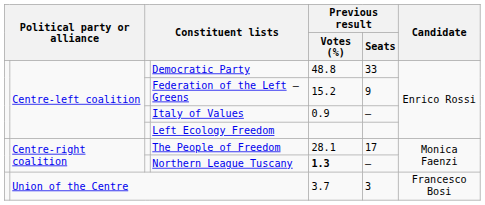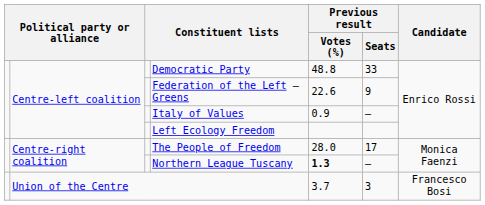 <table class="wikitable" style="text-align:left">
 <tr>
 <th colspan=2 rowspan="2">Political party or alliance</th>
 <th colspan=2 rowspan="2">Constituent lists</th>
 <th colspan="2">Previous result</th>
 <th rowspan="2">Candidate</th>
 </tr>
 <tr>
 <th>Votes (%)</th>
 <th>Seats</th>
 </tr>
 <tr>
 <td rowspan="4"></td>
 <td rowspan="4"><a href='#'>Centre-left coalition</a></td>
 <td></td>
 <td style="text-align:left;"><a href='#'>Democratic Party</a></td>
 <td>48.8</td>
 <td>33</td>
 <td rowspan="4" style="text-align: center;">Enrico Rossi</td>
 </tr>
 <tr>
 <td></td>
 <td><a href='#'>Federation of the Left</a> – <a href='#'>Greens</a></td>
-<td>15.2</td>
+<td>22.6</td>
 <td>9</td>
 </tr>
 <tr>
 <td></td>
 <td><a href='#'>Italy of Values</a></td>
 <td>0.9</td>
 <td>–</td>
 </tr>
 <tr>
 <td></td>
 <td><a href='#'>Left Ecology Freedom</a></td>
 <td></td>
 <td></td>
 </tr>
 <tr>
 <td rowspan="2" style="background:"></td>
 <td rowspan=2><a href='#'>Centre-right coalition</a></td>
 <td></td>
 <td style="text-align:left;"><a href='#'>The People of Freedom</a></td>
-<td>28.1</td>
+<td>28.0</td>
 <td>17</td>
 <td rowspan="2" style="text-align: center;">Monica Faenzi</td>
 </tr>
 <tr>
 <td></td>
 <td style="text-align:left;"><a href='#'>Northern League Tuscany</a></td>
 <td><strong>1.3</strong></td>
 <td>–</td>
 </tr>
 <tr>
 <td style="background-color:"></td>
 <td colspan="3"><a href='#'>Union of the Centre</a></td>
 <td>3.7</td>
 <td>3</td>
 <td style="text-align: center;">Francesco Bosi</td>
 </tr>
 </table>
